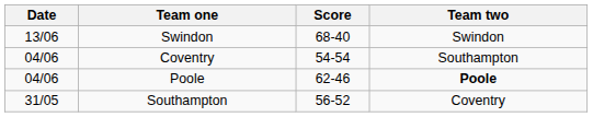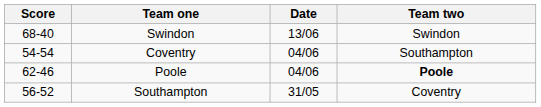 <table class="wikitable" style="text-align: center">
 <tr>
+<th width=80>Score</th>
+<th width=250>Team one</th>
 <th width=80>Date</th>
-<th width=250>Team one</th>
-<th width=80>Score</th>
 <th width=250>Team two</th>
 </tr>
 <tr>
+<td>68-40</td>
+<td>Swindon</td>
 <td>13/06</td>
-<td>Swindon</td>
-<td>68-40</td>
 <td>Swindon</td>
 </tr>
 <tr>
+<td>54-54</td>
+<td>Coventry</td>
 <td>04/06</td>
-<td>Coventry</td>
-<td>54-54</td>
 <td>Southampton</td>
 </tr>
 <tr>
+<td>62-46</td>
+<td>Poole</td>
 <td>04/06</td>
-<td>Poole</td>
-<td>62-46</td>
 <td><strong>Poole</strong></td>
 </tr>
 <tr>
+<td>56-52</td>
+<td>Southampton</td>
 <td>31/05</td>
-<td>Southampton</td>
-<td>56-52</td>
 <td>Coventry</td>
 </tr>
 </table>
